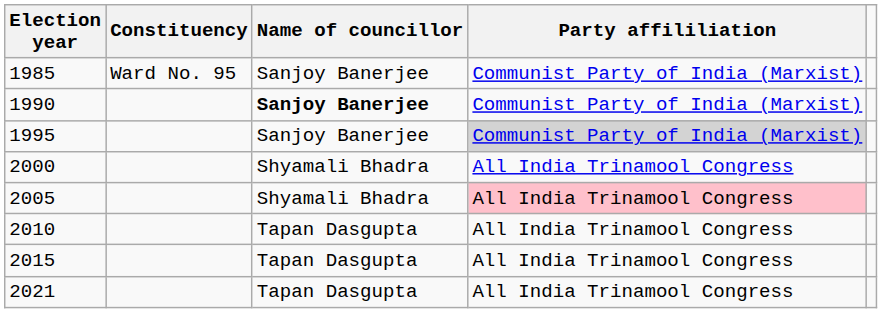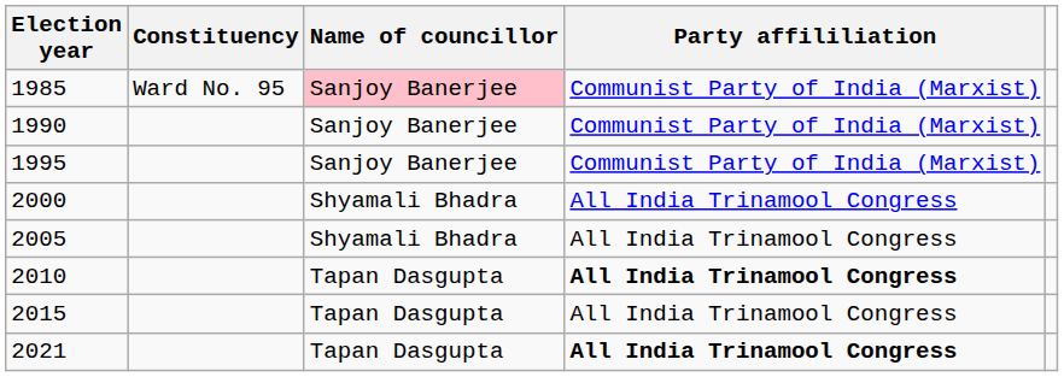 <table class="wikitable"ìÍĦĤĠčw>
 <tr>
 <th>Election<br> year</th>
 <th>Constituency</th>
 <th>Name of councillor</th>
 <th>Party affililiation</th>
 </tr>
 <tr>
 <td>1985</td>
 <td>Ward No. 95</td>
-<td>Sanjoy Banerjee</td>
+<td style="background: pink;">Sanjoy Banerjee</td>
 <td><a href='#'>Communist Party of India (Marxist)</a></td>
 <td></td>
 </tr>
 <tr>
 <td>1990</td>
 <td></td>
-<td><strong>Sanjoy Banerjee</strong></td>
+<td>Sanjoy Banerjee</td>
 <td><a href='#'>Communist Party of India (Marxist)</a></td>
 <td></td>
 </tr>
 <tr>
 <td>1995</td>
 <td></td>
 <td>Sanjoy Banerjee</td>
-<td style="background: lightgrey;"><a href='#'>Communist Party of India (Marxist)</a></td>
+<td><a href='#'>Communist Party of India (Marxist)</a></td>
 <td></td>
 </tr>
 <tr>
 <td>2000</td>
 <td></td>
 <td>Shyamali Bhadra</td>
 <td><a href='#'>All India Trinamool Congress</a></td>
 <td></td>
 </tr>
 <tr>
 <td>2005</td>
 <td></td>
 <td>Shyamali Bhadra</td>
-<td style="background: pink;">All India Trinamool Congress</td>
+<td>All India Trinamool Congress</td>
 <td></td>
 </tr>
 <tr>
 <td>2010</td>
 <td></td>
 <td>Tapan Dasgupta</td>
-<td>All India Trinamool Congress</td>
+<td><strong>All India Trinamool Congress</strong></td>
 <td></td>
 </tr>
 <tr>
 <td>2015</td>
 <td></td>
 <td>Tapan Dasgupta</td>
 <td>All India Trinamool Congress</td>
 <td></td>
 </tr>
 <tr>
 <td>2021</td>
 <td></td>
 <td>Tapan Dasgupta</td>
-<td>All India Trinamool Congress</td>
+<td><strong>All India Trinamool Congress</strong></td>
 <td></td>
 </tr>
 </table>
